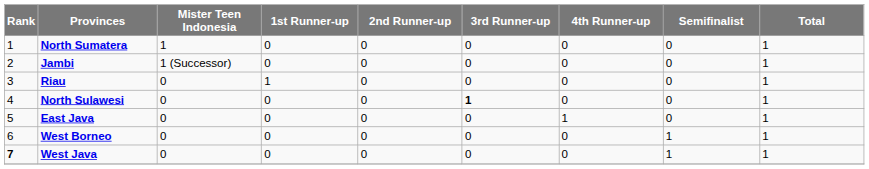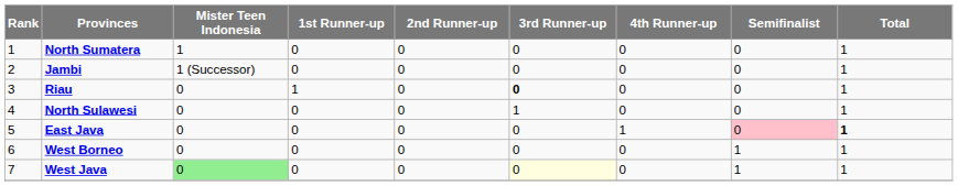 <table class="wikitable sortable" style="font-size: 95%;">
 <tr>
 <th width="30" style="background-color:#787878;color:#FFFFFF;">Rank</th>
 <th width="150" style="background-color:#787878;color:#FFFFFF;">Provinces</th>
 <th width="130" style="background-color:#787878;color:#FFFFFF;">Mister Teen Indonesia</th>
 <th width="120" style="background-color:#787878;color:#FFFFFF;">1st Runner-up</th>
 <th width="130" style="background-color:#787878;color:#FFFFFF;">2nd Runner-up</th>
 <th width="120" style="background-color:#787878;color:#FFFFFF;">3rd Runner-up</th>
 <th width="130" style="background-color:#787878;color:#FFFFFF;">4th Runner-up</th>
 <th width="120" style="background-color:#787878;color:#FFFFFF;">Semifinalist</th>
 <th width="130" style="background-color:#787878;color:#FFFFFF;">Total</th>
 </tr>
 <tr>
 <td>1</td>
 <td><strong><a href='#'>North Sumatera</a></strong></td>
 <td>1</td>
 <td>0</td>
 <td>0</td>
 <td>0</td>
 <td>0</td>
 <td>0</td>
 <td>1</td>
 </tr>
 <tr>
 <td>2</td>
 <td><strong><a href='#'>Jambi</a></strong></td>
 <td>1 (Successor)</td>
 <td>0</td>
 <td>0</td>
 <td>0</td>
 <td>0</td>
 <td>0</td>
 <td>1</td>
 </tr>
 <tr>
 <td>3</td>
 <td><strong><a href='#'>Riau</a></strong></td>
 <td>0</td>
 <td>1</td>
 <td>0</td>
-<td>0</td>
+<td><strong>0</strong></td>
 <td>0</td>
 <td>0</td>
 <td>1</td>
 </tr>
 <tr>
 <td>4</td>
 <td><strong><a href='#'>North Sulawesi</a></strong></td>
 <td>0</td>
 <td>0</td>
 <td>0</td>
-<td><strong>1</strong></td>
+<td>1</td>
 <td>0</td>
 <td>0</td>
 <td>1</td>
 </tr>
 <tr>
 <td>5</td>
 <td><strong><a href='#'>East Java</a></strong></td>
 <td>0</td>
 <td>0</td>
 <td>0</td>
 <td>0</td>
 <td>1</td>
-<td>0</td>
-<td>1</td>
+<td style="background: pink;">0</td>
+<td><strong>1</strong></td>
 </tr>
 <tr>
 <td>6</td>
 <td><strong><a href='#'>West Borneo</a></strong></td>
 <td>0</td>
 <td>0</td>
 <td>0</td>
 <td>0</td>
 <td>0</td>
 <td>1</td>
 <td>1</td>
 </tr>
 <tr>
-<td><strong>7</strong></td>
+<td>7</td>
 <td><strong><a href='#'>West Java</a></strong></td>
+<td style="background: lightgreen;">0</td>
 <td>0</td>
 <td>0</td>
-<td>0</td>
-<td>0</td>
+<td style="background: lightyellow;">0</td>
 <td>0</td>
 <td>1</td>
 <td>1</td>
 </tr>
 <tr>
 </tr>
 </table>
